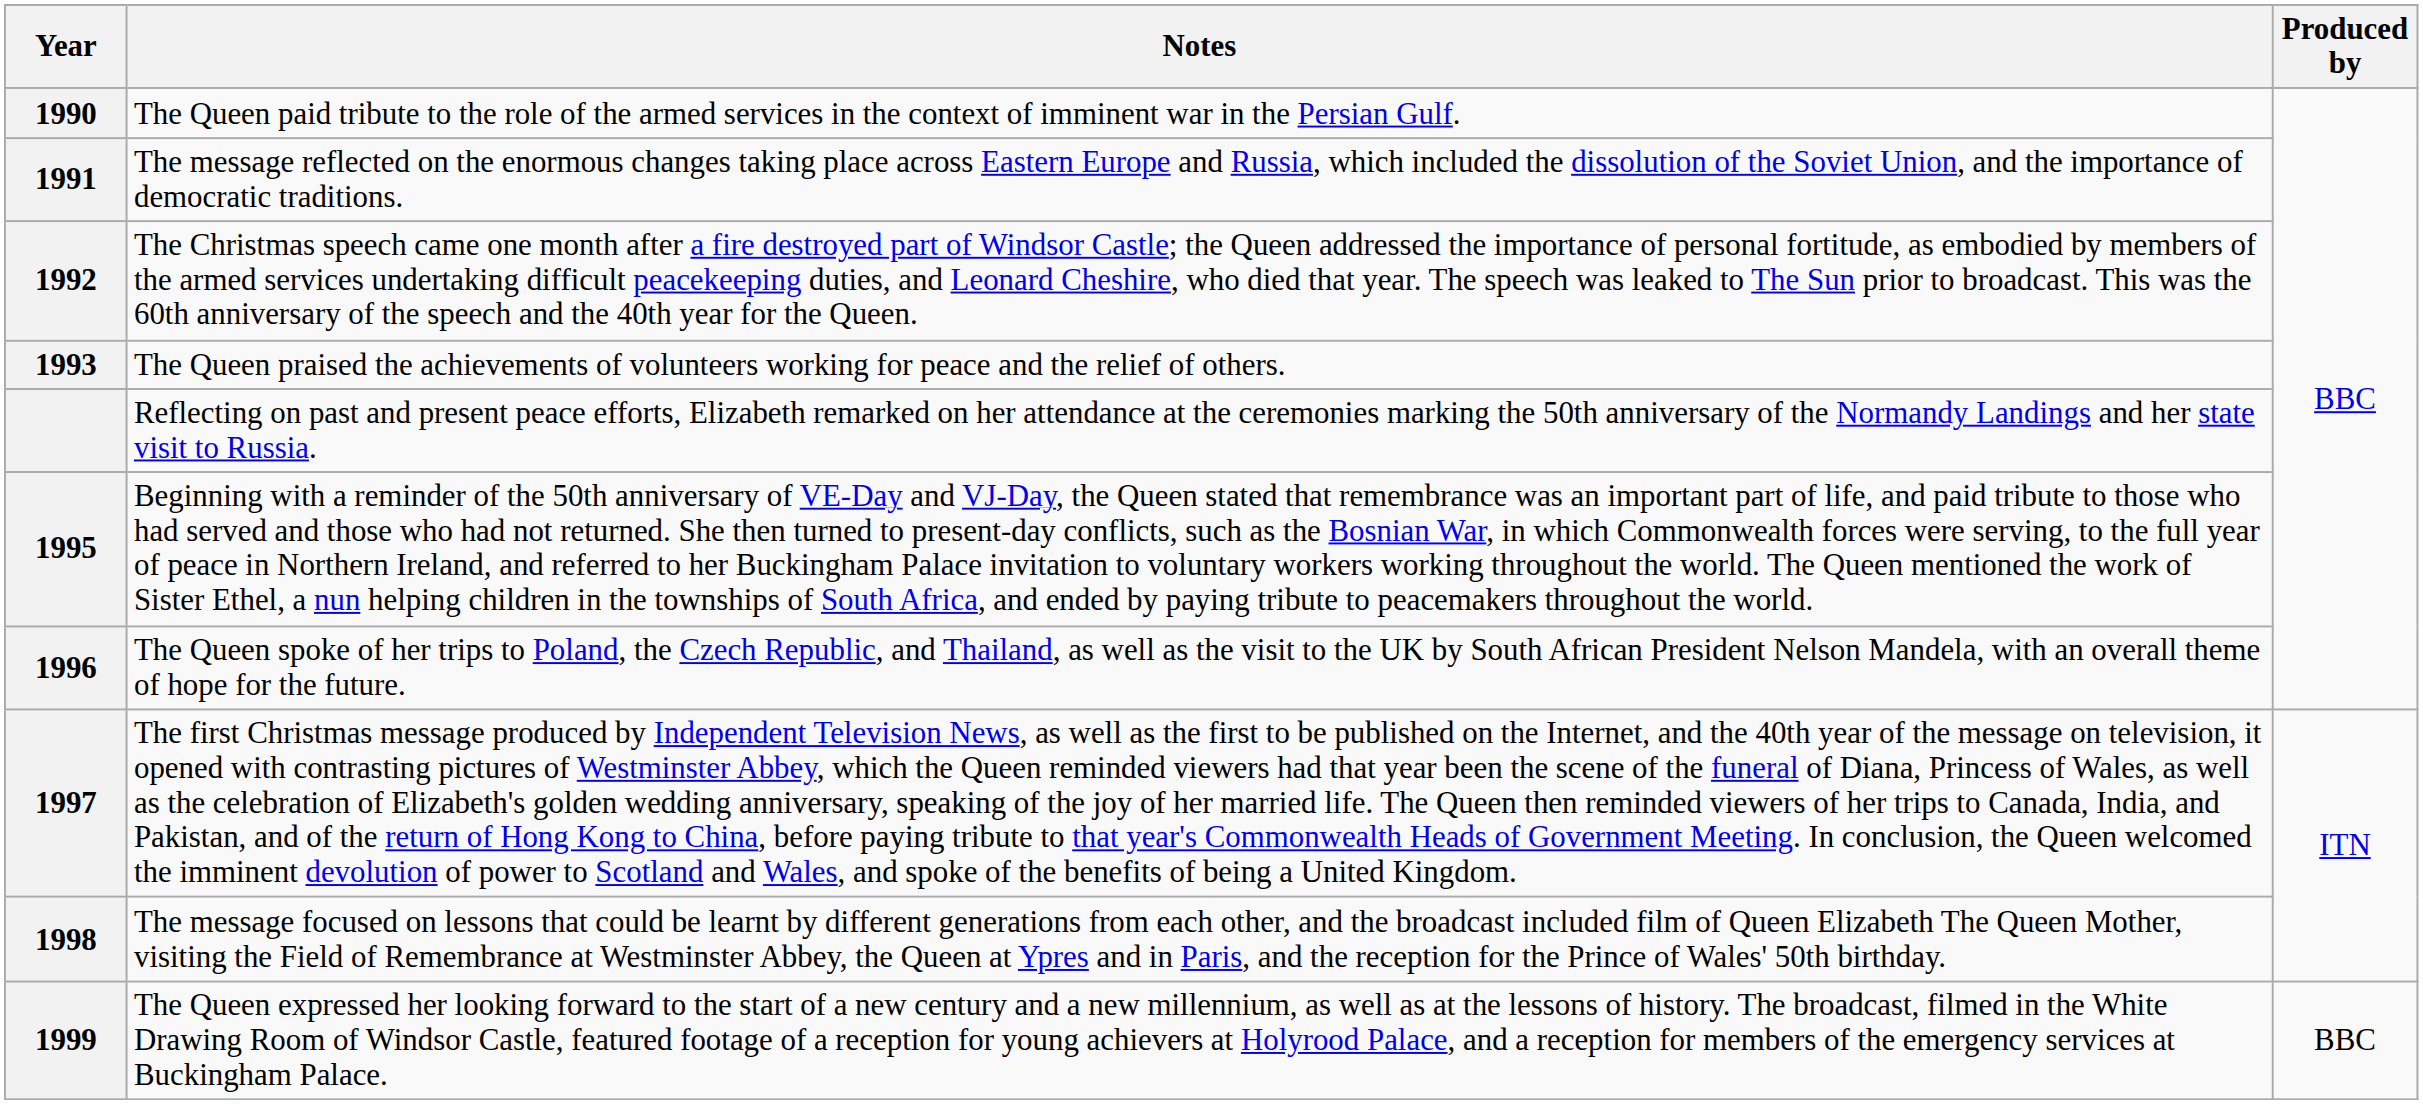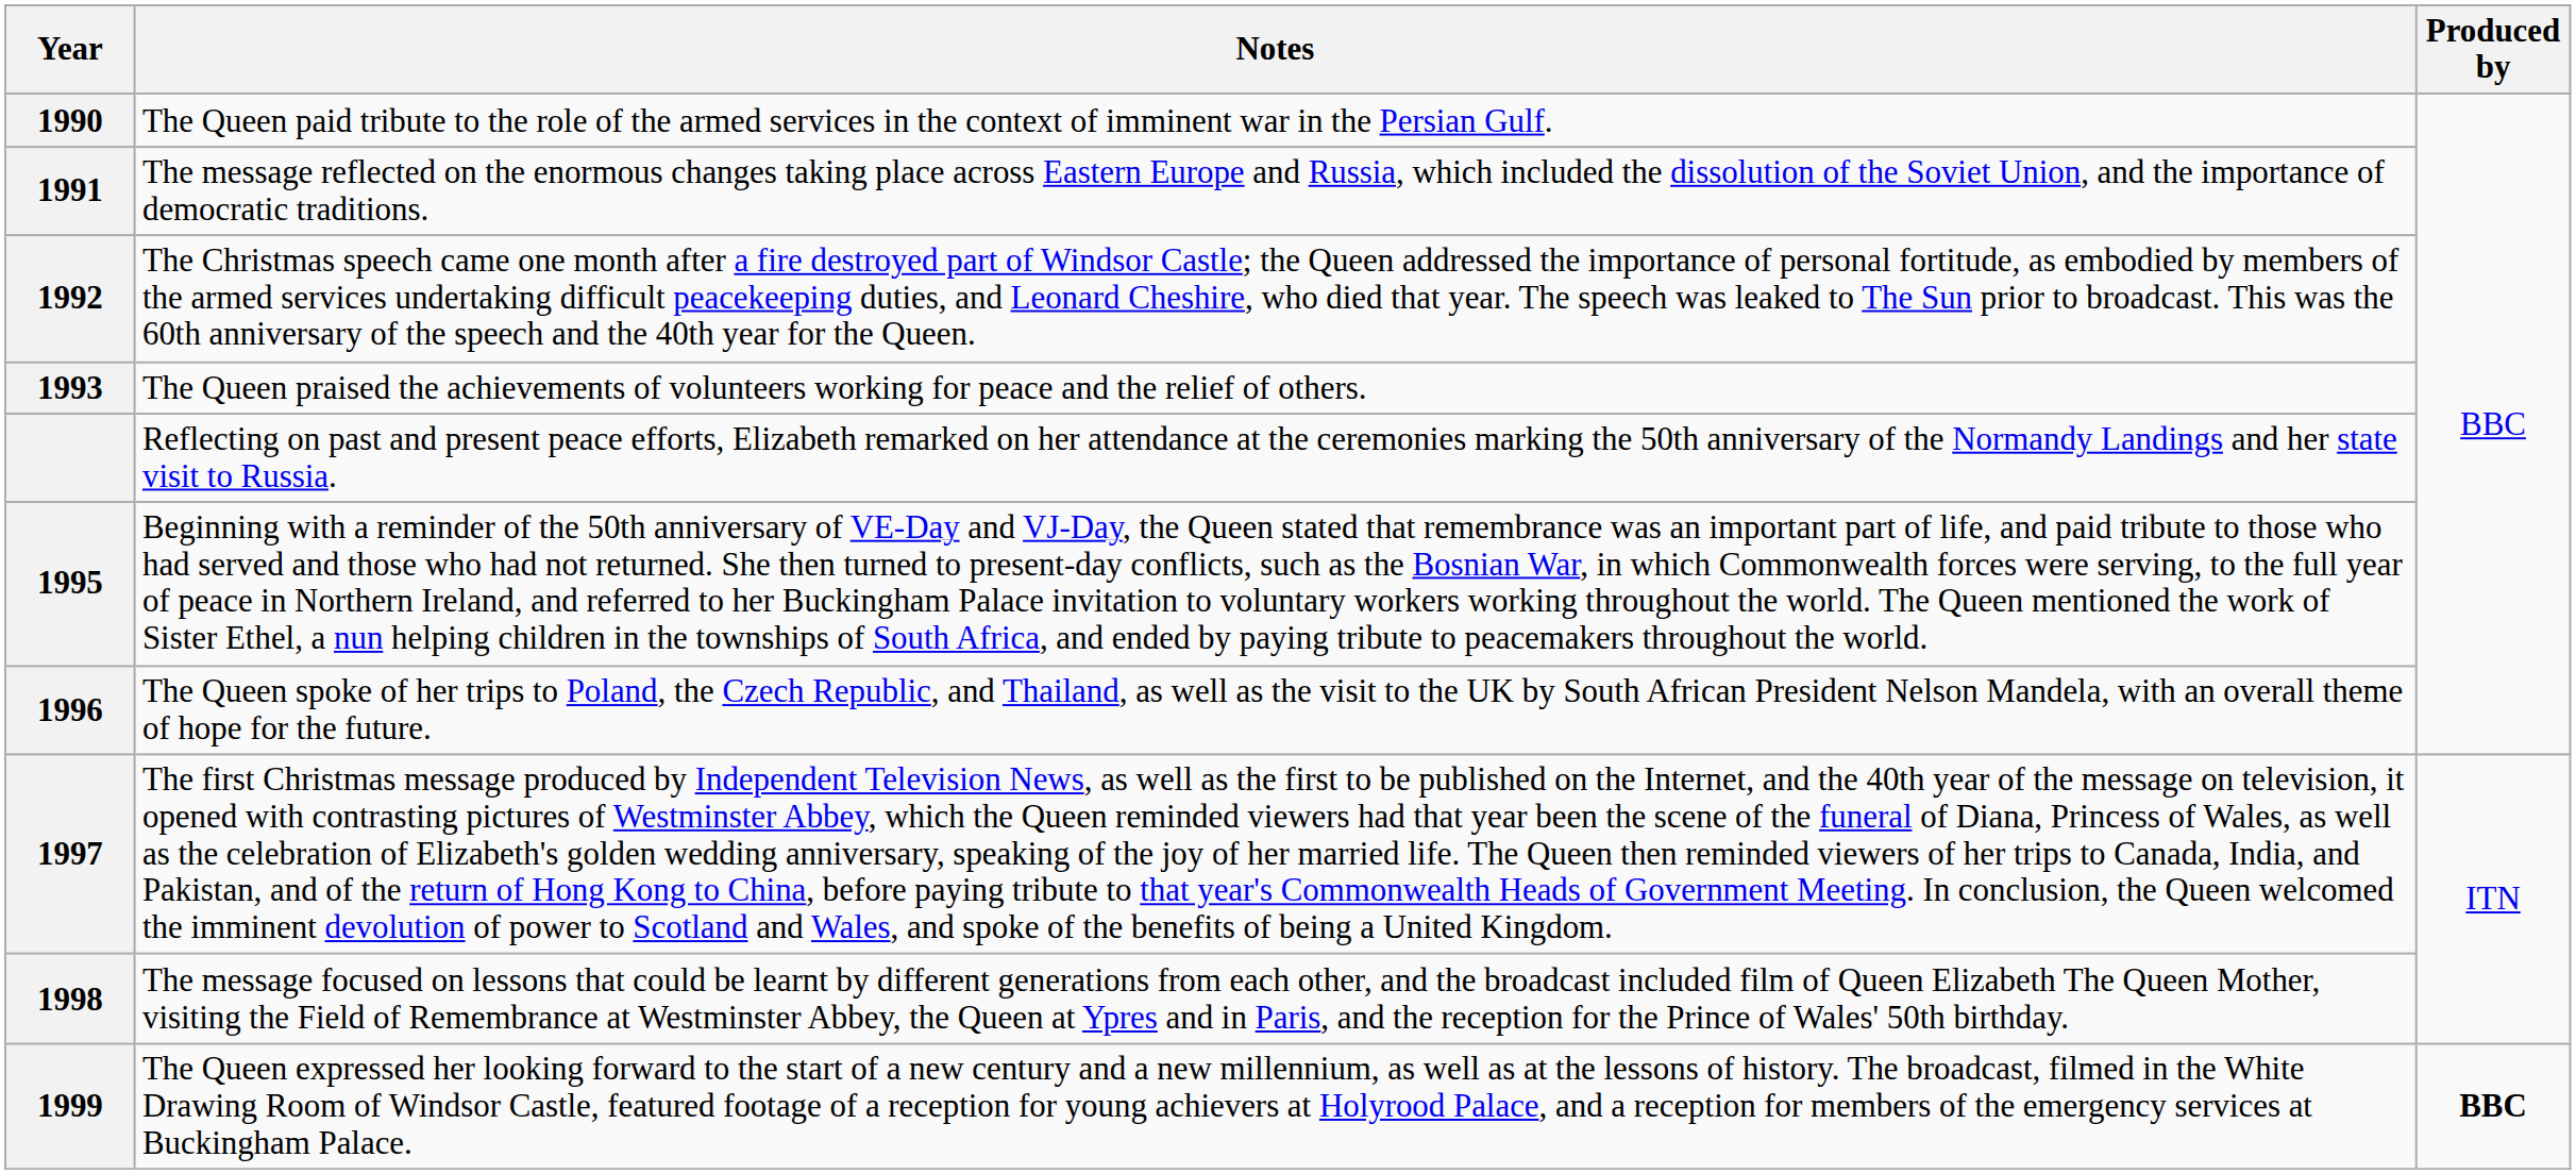 <table class="wikitable plainrowheaders" style="width:99%;">
 <tr>
 <th scope="col" style="width:5%;">Year</th>
 <th scope="col" style="width:88%;">Notes</th>
 <th scope="col" style="width:6%;">Produced<br>by</th>
 </tr>
 <tr>
 <th scope="row">1990</th>
 <td>The Queen paid tribute to the role of the armed services in the context of imminent war in the <a href='#'>Persian Gulf</a>.</td>
 <td style="text-align: center;" rowspan="7"><a href='#'>BBC</a></td>
 </tr>
 <tr>
 <th scope="row">1991</th>
 <td>The message reflected on the enormous changes taking place across <a href='#'>Eastern Europe</a> and <a href='#'>Russia</a>, which included the <a href='#'>dissolution of the Soviet Union</a>, and the importance of democratic traditions.</td>
 </tr>
 <tr>
 <th scope="row">1992</th>
 <td>The Christmas speech came one month after <a href='#'>a fire destroyed part of Windsor Castle</a>; the Queen addressed the importance of personal fortitude, as embodied by members of the armed services undertaking difficult <a href='#'>peacekeeping</a> duties, and <a href='#'>Leonard Cheshire</a>, who died that year. The speech was leaked to <a href='#'>The Sun</a> prior to broadcast. This was the 60th anniversary of the speech and the 40th year for the Queen.</td>
 </tr>
 <tr>
 <th scope="row">1993</th>
 <td>The Queen praised the achievements of volunteers working for peace and the relief of others.</td>
 </tr>
 <tr>
 <th scope="row"></th>
 <td>Reflecting on past and present peace efforts, Elizabeth remarked on her attendance at the ceremonies marking the 50th anniversary of the <a href='#'>Normandy Landings</a> and her <a href='#'>state visit to Russia</a>.</td>
 </tr>
 <tr>
 <th scope="row">1995</th>
 <td>Beginning with a reminder of the 50th anniversary of <a href='#'>VE-Day</a> and <a href='#'>VJ-Day</a>, the Queen stated that remembrance was an important part of life, and paid tribute to those who had served and those who had not returned. She then turned to present-day conflicts, such as the <a href='#'>Bosnian War</a>, in which Commonwealth forces were serving, to the full year of peace in Northern Ireland, and referred to her Buckingham Palace invitation to voluntary workers working throughout the world. The Queen mentioned the work of Sister Ethel, a <a href='#'>nun</a> helping children in the townships of <a href='#'>South Africa</a>, and ended by paying tribute to peacemakers throughout the world.</td>
 </tr>
 <tr>
 <th scope="row">1996</th>
 <td>The Queen spoke of her trips to <a href='#'>Poland</a>, the <a href='#'>Czech Republic</a>, and <a href='#'>Thailand</a>, as well as the visit to the UK by South African President Nelson Mandela, with an overall theme of hope for the future.</td>
 </tr>
 <tr>
 <th scope="row">1997</th>
 <td>The first Christmas message produced by <a href='#'>Independent Television News</a>, as well as the first to be published on the Internet, and the 40th year of the message on television, it opened with contrasting pictures of <a href='#'>Westminster Abbey</a>, which the Queen reminded viewers had that year been the scene of the <a href='#'>funeral</a> of Diana, Princess of Wales, as well as the celebration of Elizabeth's golden wedding anniversary, speaking of the joy of her married life. The Queen then reminded viewers of her trips to Canada, India, and Pakistan, and of the <a href='#'>return of Hong Kong to China</a>, before paying tribute to <a href='#'>that year's Commonwealth Heads of Government Meeting</a>. In conclusion, the Queen welcomed the imminent <a href='#'>devolution</a> of power to <a href='#'>Scotland</a> and <a href='#'>Wales</a>, and spoke of the benefits of being a United Kingdom.</td>
 <td style="text-align: center;" rowspan="2"><a href='#'>ITN</a></td>
 </tr>
 <tr>
 <th scope="row">1998</th>
 <td>The message focused on lessons that could be learnt by different generations from each other, and the broadcast included film of Queen Elizabeth The Queen Mother, visiting the Field of Remembrance at Westminster Abbey, the Queen at <a href='#'>Ypres</a> and in <a href='#'>Paris</a>, and the reception for the Prince of Wales' 50th birthday.</td>
 </tr>
 <tr>
 <th scope="row">1999</th>
 <td>The Queen expressed her looking forward to the start of a new century and a new millennium, as well as at the lessons of history. The broadcast, filmed in the White Drawing Room of Windsor Castle, featured footage of a reception for young achievers at <a href='#'>Holyrood Palace</a>, and a reception for members of the emergency services at Buckingham Palace.</td>
-<td style="text-align: center;">BBC</td>
+<td style="text-align: center;"><strong>BBC</strong></td>
 </tr>
 </table>
